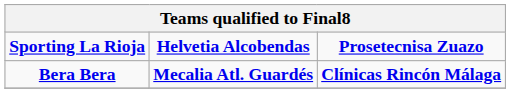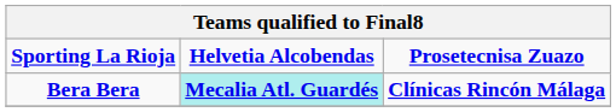 <table class="wikitable" style="text-align: center; margin: 0 auto;">
 <tr>
 <th colspan="4">Teams qualified to Final8</th>
 </tr>
 <tr>
 <td><strong><a href='#'>Sporting La Rioja</a></strong></td>
 <td><strong><a href='#'>Helvetia Alcobendas</a></strong></td>
 <td><strong><a href='#'>Prosetecnisa Zuazo</a></strong></td>
 </tr>
 <tr>
 <td><strong><a href='#'>Bera Bera</a></strong></td>
-<td><strong><a href='#'>Mecalia Atl. Guardés</a></strong></td>
+<td style="background: paleturquoise;"><strong><a href='#'>Mecalia Atl. Guardés</a></strong></td>
 <td><strong><a href='#'>Clínicas Rincón Málaga</a></strong></td>
 </tr>
 <tr>
 </tr>
 </table>
